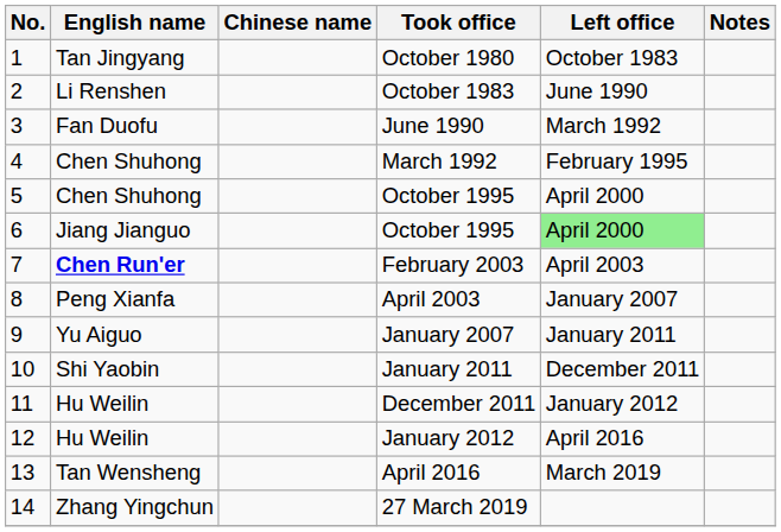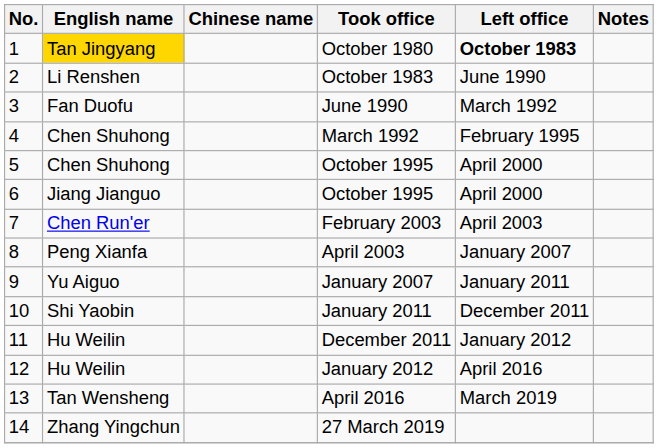 <table class="wikitable">
 <tr>
 <th>No.</th>
 <th>English name</th>
 <th>Chinese name</th>
 <th>Took office</th>
 <th>Left office</th>
 <th>Notes</th>
 </tr>
 <tr>
 <td>1</td>
-<td>Tan Jingyang</td>
+<td style="background: gold;">Tan Jingyang</td>
 <td></td>
 <td>October 1980</td>
-<td>October 1983</td>
+<td><strong>October 1983</strong></td>
 <td></td>
 </tr>
 <tr>
 <td>2</td>
 <td>Li Renshen</td>
 <td></td>
 <td>October 1983</td>
 <td>June 1990</td>
 <td></td>
 </tr>
 <tr>
 <td>3</td>
 <td>Fan Duofu</td>
 <td></td>
 <td>June 1990</td>
 <td>March 1992</td>
 <td></td>
 </tr>
 <tr>
 <td>4</td>
 <td>Chen Shuhong</td>
 <td></td>
 <td>March 1992</td>
 <td>February 1995</td>
 <td></td>
 </tr>
 <tr>
 <td>5</td>
 <td>Chen Shuhong</td>
 <td></td>
 <td>October 1995</td>
 <td>April 2000</td>
 <td></td>
 </tr>
 <tr>
 <td>6</td>
 <td>Jiang Jianguo</td>
 <td></td>
 <td>October 1995</td>
-<td style="background: lightgreen;">April 2000</td>
+<td>April 2000</td>
 <td></td>
 </tr>
 <tr>
 <td>7</td>
-<td><strong><a href='#'>Chen Run'er</a></strong></td>
+<td><a href='#'>Chen Run'er</a></td>
 <td></td>
 <td>February 2003</td>
 <td>April 2003</td>
 <td></td>
 </tr>
 <tr>
 <td>8</td>
 <td>Peng Xianfa</td>
 <td></td>
 <td>April 2003</td>
 <td>January 2007</td>
 <td></td>
 </tr>
 <tr>
 <td>9</td>
 <td>Yu Aiguo</td>
 <td></td>
 <td>January 2007</td>
 <td>January 2011</td>
 <td></td>
 </tr>
 <tr>
 <td>10</td>
 <td>Shi Yaobin</td>
 <td></td>
 <td>January 2011</td>
 <td>December 2011</td>
 <td></td>
 </tr>
 <tr>
 <td>11</td>
 <td>Hu Weilin</td>
 <td></td>
 <td>December 2011</td>
 <td>January 2012</td>
 <td></td>
 </tr>
 <tr>
 <td>12</td>
 <td>Hu Weilin</td>
 <td></td>
 <td>January 2012</td>
 <td>April 2016</td>
 <td></td>
 </tr>
 <tr>
 <td>13</td>
 <td>Tan Wensheng</td>
 <td></td>
 <td>April 2016</td>
 <td>March 2019</td>
 <td></td>
 </tr>
 <tr>
 <td>14</td>
 <td>Zhang Yingchun</td>
 <td></td>
 <td>27 March 2019</td>
 <td></td>
 <td></td>
 </tr>
 <tr>
 </tr>
 </table>
